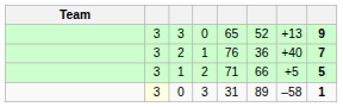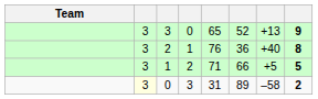 <table class="wikitable" style="text-align:center;">
 <tr>
 <th style="width:11.0em;">Team</th>
 <th style="width:1.5em;"></th>
 <th style="width:1.5em;"></th>
 <th style="width:1.5em;"></th>
 <th style="width:2.0em;"></th>
 <th style="width:2.0em;"></th>
 <th style="width:2.0em;"></th>
 <th style="width:2.0em;"></th>
 </tr>
 <tr bgcolor=#cfc>
 <td align="left"></td>
 <td>3</td>
 <td>3</td>
 <td>0</td>
 <td>65</td>
 <td>52</td>
 <td>+13</td>
 <td><strong>9</strong></td>
 </tr>
 <tr bgcolor=#cfc>
 <td align="left"></td>
 <td>3</td>
 <td>2</td>
 <td>1</td>
 <td>76</td>
 <td>36</td>
 <td>+40</td>
-<td><strong>7</strong></td>
+<td><strong>8</strong></td>
 </tr>
 <tr bgcolor=#cfc>
 <td align="left"></td>
 <td>3</td>
 <td>1</td>
 <td>2</td>
 <td>71</td>
 <td>66</td>
 <td>+5</td>
 <td><strong>5</strong></td>
 </tr>
 <tr>
 <td align="left"></td>
 <td style="background: lightyellow;">3</td>
 <td>0</td>
 <td>3</td>
 <td>31</td>
 <td>89</td>
 <td>–58</td>
-<td><strong>1</strong></td>
+<td><strong>2</strong></td>
 </tr>
 </table>
